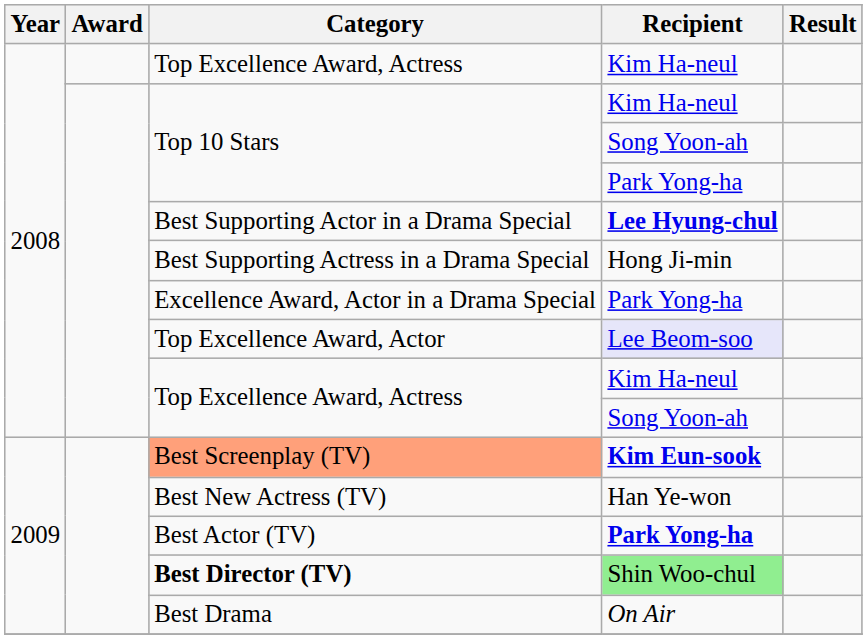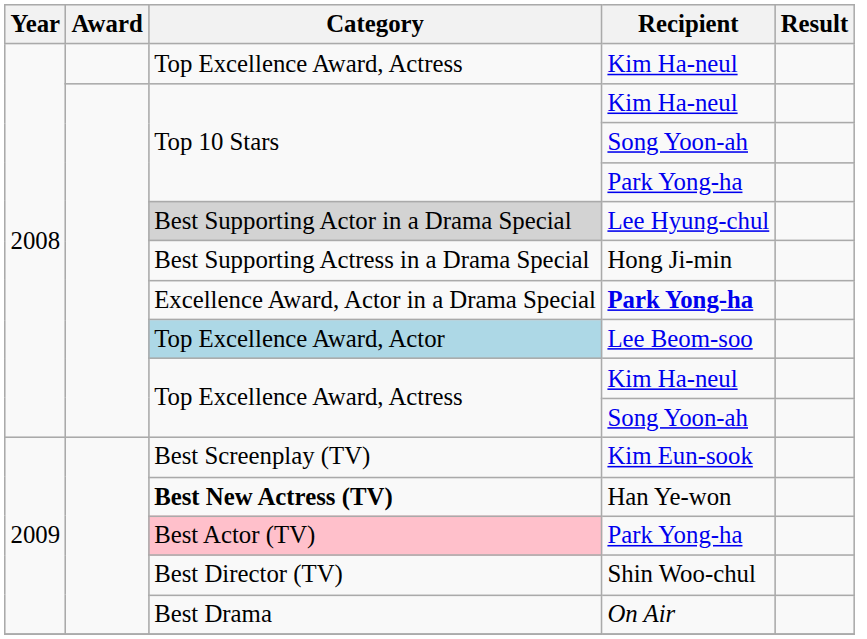 <table class="wikitable">
 <tr>
 <th>Year</th>
 <th>Award</th>
 <th>Category</th>
 <th>Recipient</th>
 <th>Result</th>
 </tr>
 <tr>
 <td rowspan=10>2008</td>
 <td></td>
 <td>Top Excellence Award, Actress</td>
 <td><a href='#'>Kim Ha-neul</a></td>
 <td></td>
 </tr>
 <tr>
 <td rowspan=9></td>
 <td rowspan=3>Top 10 Stars</td>
 <td><a href='#'>Kim Ha-neul</a></td>
 <td></td>
 </tr>
 <tr>
 <td><a href='#'>Song Yoon-ah</a></td>
 <td></td>
 </tr>
 <tr>
 <td><a href='#'>Park Yong-ha</a></td>
 <td></td>
 </tr>
 <tr>
-<td>Best Supporting Actor in a Drama Special</td>
-<td><strong><a href='#'>Lee Hyung-chul</a></strong></td>
+<td style="background: lightgrey;">Best Supporting Actor in a Drama Special</td>
+<td><a href='#'>Lee Hyung-chul</a></td>
 <td></td>
 </tr>
 <tr>
 <td>Best Supporting Actress in a Drama Special</td>
 <td>Hong Ji-min</td>
 <td></td>
 </tr>
 <tr>
 <td>Excellence Award, Actor in a Drama Special</td>
-<td><a href='#'>Park Yong-ha</a></td>
+<td><strong><a href='#'>Park Yong-ha</a></strong></td>
 <td></td>
 </tr>
 <tr>
-<td>Top Excellence Award, Actor</td>
-<td style="background: lavender;"><a href='#'>Lee Beom-soo</a></td>
+<td style="background: lightblue;">Top Excellence Award, Actor</td>
+<td><a href='#'>Lee Beom-soo</a></td>
 <td></td>
 </tr>
 <tr>
 <td rowspan=2>Top Excellence Award, Actress</td>
 <td><a href='#'>Kim Ha-neul</a></td>
 <td></td>
 </tr>
 <tr>
 <td><a href='#'>Song Yoon-ah</a></td>
 <td></td>
 </tr>
 <tr>
 <td rowspan=5>2009</td>
 <td rowspan=5></td>
-<td style="background: lightsalmon;">Best Screenplay (TV)</td>
-<td><strong><a href='#'>Kim Eun-sook</a></strong></td>
+<td>Best Screenplay (TV)</td>
+<td><a href='#'>Kim Eun-sook</a></td>
 <td></td>
 </tr>
 <tr>
-<td>Best New Actress (TV)</td>
+<td><strong>Best New Actress (TV)</strong></td>
 <td>Han Ye-won</td>
 <td></td>
 </tr>
 <tr>
-<td>Best Actor (TV)</td>
-<td><strong><a href='#'>Park Yong-ha</a></strong></td>
+<td style="background: pink;">Best Actor (TV)</td>
+<td><a href='#'>Park Yong-ha</a></td>
 <td></td>
 </tr>
 <tr>
-<td><strong>Best Director (TV)</strong></td>
-<td style="background: lightgreen;">Shin Woo-chul</td>
+<td>Best Director (TV)</td>
+<td>Shin Woo-chul</td>
 <td></td>
 </tr>
 <tr>
 <td>Best Drama</td>
 <td><em>On Air</em></td>
 <td></td>
 </tr>
 <tr>
 </tr>
 </table>
